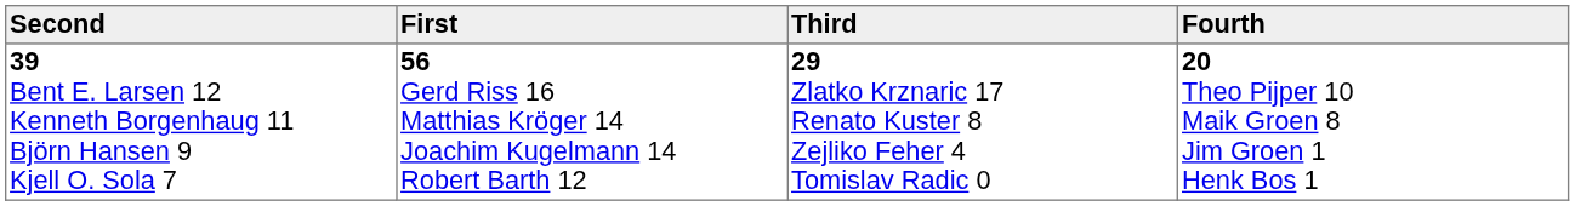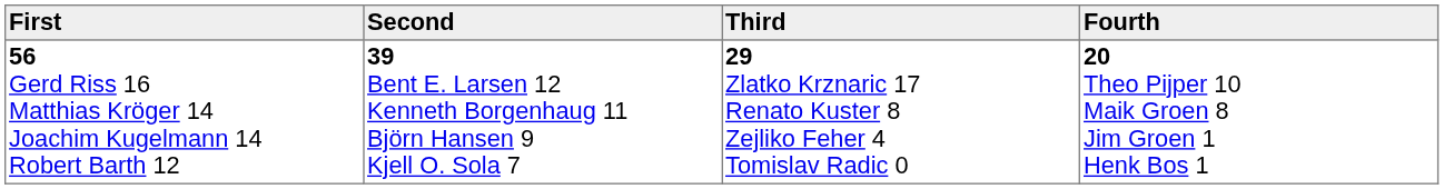 <table border=1 cellpadding=2 cellspacing=0 width=75% style="border-collapse:collapse">
 <tr align=left style="background:#efefef;">
+<th width=20%>First</th>
 <th width=20%>Second</th>
-<th width=20%>First</th>
 <th width=20%>Third</th>
 <th width=20%>Fourth</th>
 </tr>
 <tr align=left>
+<td valign=top><strong> 56</strong><br><a href='#'>Gerd Riss</a> 16<br><a href='#'>Matthias Kröger</a> 14<br><a href='#'>Joachim Kugelmann</a> 14<br><a href='#'>Robert Barth</a> 12</td>
 <td valign=top><strong> 39</strong><br><a href='#'>Bent E. Larsen</a> 12<br><a href='#'>Kenneth Borgenhaug</a> 11<br><a href='#'>Björn Hansen</a> 9<br><a href='#'>Kjell O. Sola</a> 7</td>
-<td valign=top><strong> 56</strong><br><a href='#'>Gerd Riss</a> 16<br><a href='#'>Matthias Kröger</a> 14<br><a href='#'>Joachim Kugelmann</a> 14<br><a href='#'>Robert Barth</a> 12</td>
 <td valign=top><strong> 29</strong><br><a href='#'>Zlatko Krznaric</a> 17<br><a href='#'>Renato Kuster</a> 8<br><a href='#'>Zejliko Feher</a> 4<br><a href='#'>Tomislav Radic</a> 0</td>
 <td valign=top><strong> 20</strong><br><a href='#'>Theo Pijper</a> 10<br><a href='#'>Maik Groen</a> 8<br><a href='#'>Jim Groen</a> 1<br><a href='#'>Henk Bos</a> 1</td>
 </tr>
 </table>
